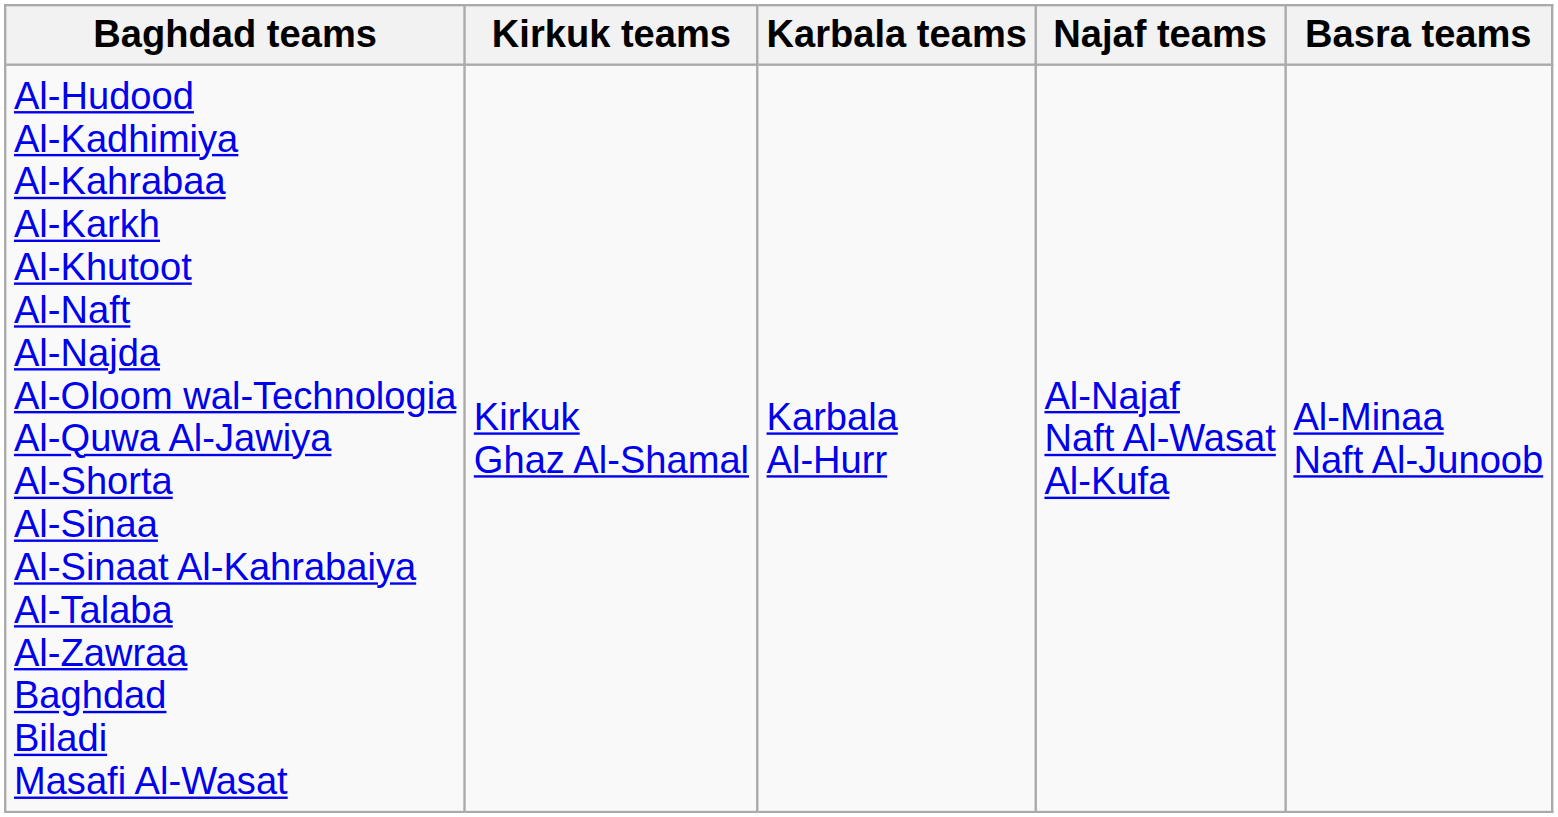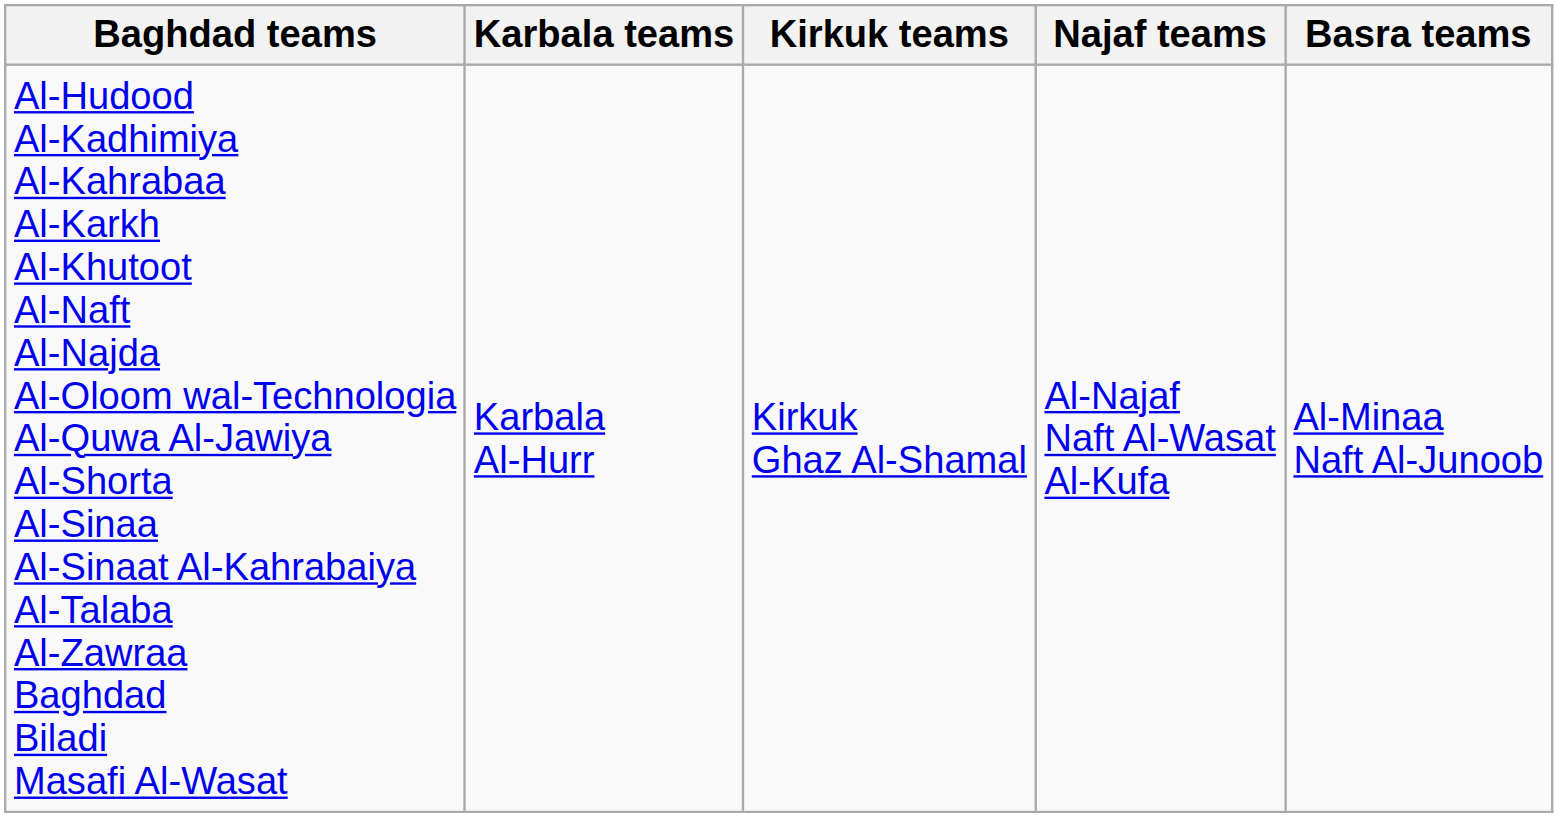 <table class="wikitable">
 <tr>
 <th>Baghdad teams</th>
+<th>Karbala teams</th>
 <th>Kirkuk teams</th>
-<th>Karbala teams</th>
 <th>Najaf teams</th>
 <th>Basra teams</th>
 </tr>
 <tr>
 <td><a href='#'>Al-Hudood</a><br><a href='#'>Al-Kadhimiya</a><br><a href='#'>Al-Kahrabaa</a><br><a href='#'>Al-Karkh</a><br><a href='#'>Al-Khutoot</a><br><a href='#'>Al-Naft</a><br><a href='#'>Al-Najda</a><br><a href='#'>Al-Oloom wal-Technologia</a><br><a href='#'>Al-Quwa Al-Jawiya</a><br><a href='#'>Al-Shorta</a><br><a href='#'>Al-Sinaa</a><br><a href='#'>Al-Sinaat Al-Kahrabaiya</a><br><a href='#'>Al-Talaba</a><br><a href='#'>Al-Zawraa</a><br><a href='#'>Baghdad</a><br><a href='#'>Biladi</a><br><a href='#'>Masafi Al-Wasat</a></td>
+<td><a href='#'>Karbala</a><br><a href='#'>Al-Hurr</a></td>
 <td><a href='#'>Kirkuk</a><br><a href='#'>Ghaz Al-Shamal</a></td>
-<td><a href='#'>Karbala</a><br><a href='#'>Al-Hurr</a></td>
 <td><a href='#'>Al-Najaf</a><br><a href='#'>Naft Al-Wasat</a><br><a href='#'>Al-Kufa</a></td>
 <td><a href='#'>Al-Minaa</a><br><a href='#'>Naft Al-Junoob</a></td>
 </tr>
 </table>
